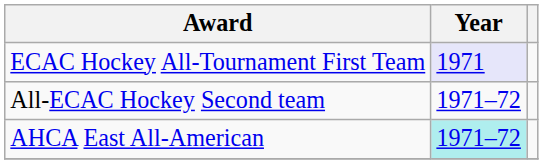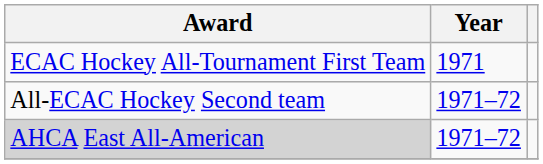 <table class="wikitable">
 <tr>
 <th>Award</th>
 <th>Year</th>
 <th></th>
 </tr>
 <tr>
 <td><a href='#'>ECAC Hockey</a> <a href='#'>All-Tournament First Team</a></td>
-<td style="background: lavender;"><a href='#'>1971</a></td>
+<td><a href='#'>1971</a></td>
 <td></td>
 </tr>
 <tr>
 <td>All-<a href='#'>ECAC Hockey</a> <a href='#'>Second team</a></td>
 <td><a href='#'>1971–72</a></td>
 <td></td>
 </tr>
 <tr>
-<td><a href='#'>AHCA</a> <a href='#'>East All-American</a></td>
-<td style="background: paleturquoise;"><a href='#'>1971–72</a></td>
+<td style="background: lightgrey;"><a href='#'>AHCA</a> <a href='#'>East All-American</a></td>
+<td><a href='#'>1971–72</a></td>
 <td></td>
 </tr>
 <tr>
 </tr>
 </table>
